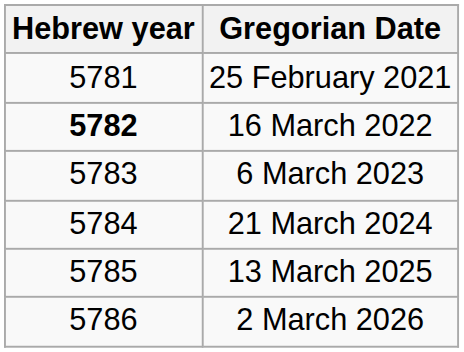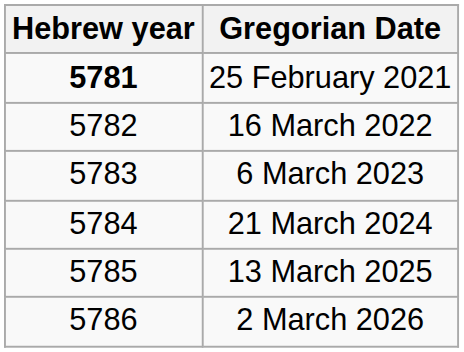 <table class="wikitable" style="text-align:center">
 <tr class="hintergrundfarbe5">
 </tr>
 <tr>
 <th align='center'>Hebrew year</th>
 <th align='center'>Gregorian Date</th>
 </tr>
 <tr>
-<td align='center'>5781</td>
+<td align='center'><strong>5781</strong></td>
 <td align='center'>25 February 2021</td>
 </tr>
 <tr>
-<td align='center'><strong>5782</strong></td>
+<td align='center'>5782</td>
 <td align='center'>16 March 2022</td>
 </tr>
 <tr>
 <td align='center'>5783</td>
 <td align='center'>6 March 2023</td>
 </tr>
 <tr>
 <td align='center'>5784</td>
 <td align='center'>21 March 2024</td>
 </tr>
 <tr>
 <td align='center'>5785</td>
 <td align='center'>13 March 2025</td>
 </tr>
 <tr>
 <td align='center'>5786</td>
 <td align='center'>2 March 2026</td>
 </tr>
 </table>
